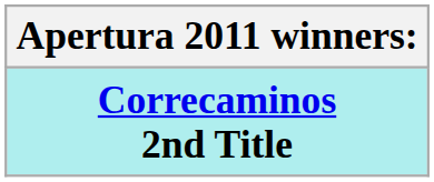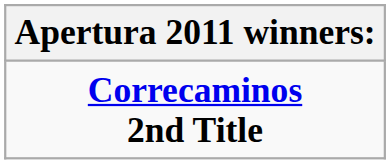 <table class="wikitable" style="text-align: center; margin: 0 auto;">
 <tr>
 <th>Apertura 2011 winners:</th>
 </tr>
 <tr>
-<td style="background: paleturquoise;"><strong><a href='#'>Correcaminos</a></strong><br><strong>2nd Title</strong></td>
+<td><strong><a href='#'>Correcaminos</a></strong><br><strong>2nd Title</strong></td>
 </tr>
 </table>
